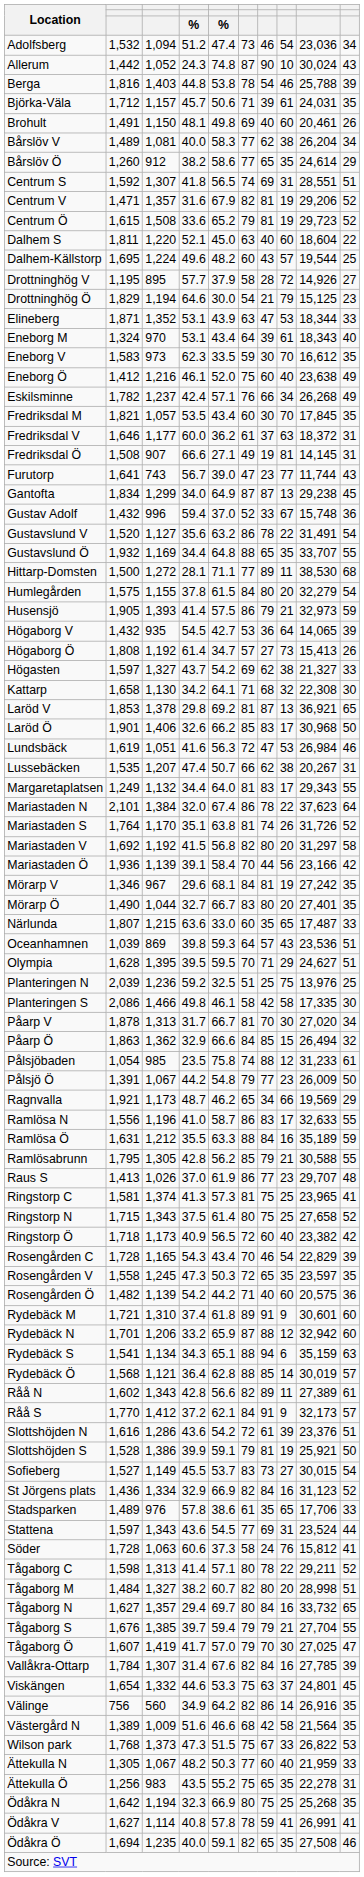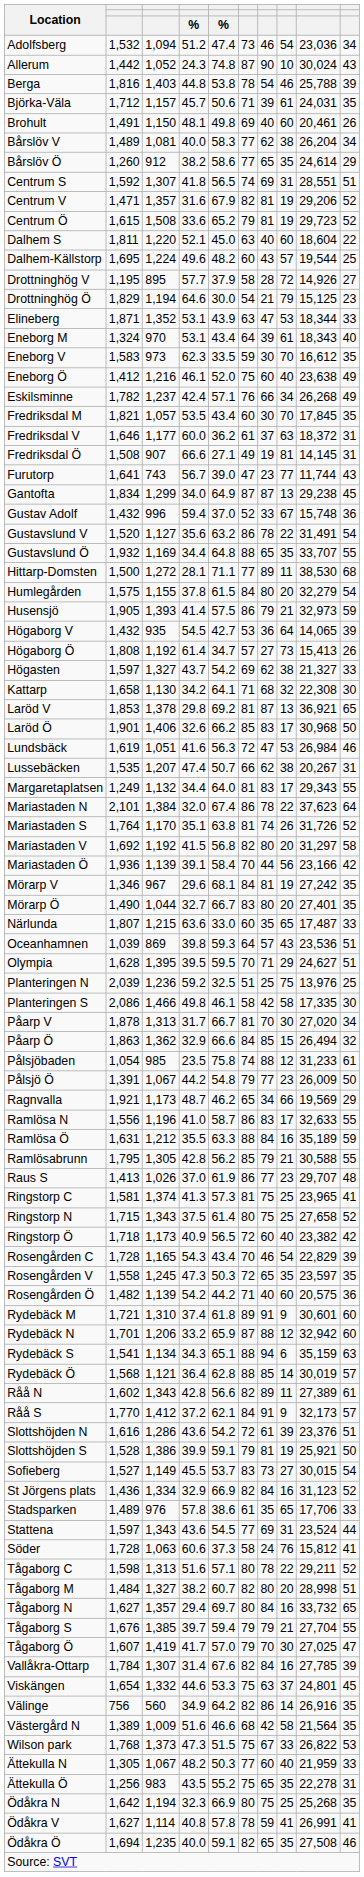 <table role="presentation" class="wikitable sortable mw-collapsible mw-collapsed">
 <tr>
 <th rowspan="3">Location</th>
 <th></th>
 <th></th>
 <th></th>
 <th></th>
 <th></th>
 <th></th>
 <th></th>
 <th></th>
 <th></th>
 </tr>
 <tr>
 <th></th>
 <th></th>
 <th style="background:"></th>
 <th style="background:"></th>
 <th></th>
 <th></th>
 <th></th>
 <th></th>
 <th></th>
 </tr>
 <tr>
 <th data-sort-type="number"></th>
 <th data-sort-type="number"></th>
 <th data-sort-type="number">%</th>
 <th data-sort-type="number">%</th>
 <th data-sort-type="number"></th>
 <th data-sort-type="number"></th>
 <th data-sort-type="number"></th>
 <th data-sort-type="number"></th>
 <th data-sort-type="number"></th>
 </tr>
 <tr>
 <td align="left">Adolfsberg</td>
 <td>1,532</td>
 <td>1,094</td>
 <td>51.2</td>
 <td>47.4</td>
 <td>73</td>
 <td>46</td>
 <td>54</td>
 <td>23,036</td>
 <td>34</td>
 </tr>
 <tr>
 <td align="left">Allerum</td>
 <td>1,442</td>
 <td>1,052</td>
 <td>24.3</td>
 <td>74.8</td>
 <td>87</td>
 <td>90</td>
 <td>10</td>
 <td>30,024</td>
 <td>43</td>
 </tr>
 <tr>
 <td align="left">Berga</td>
 <td>1,816</td>
 <td>1,403</td>
 <td>44.8</td>
 <td>53.8</td>
 <td>78</td>
 <td>54</td>
 <td>46</td>
 <td>25,788</td>
 <td>39</td>
 </tr>
 <tr>
 <td align="left">Björka-Väla</td>
 <td>1,712</td>
 <td>1,157</td>
 <td>45.7</td>
 <td>50.6</td>
 <td>71</td>
 <td>39</td>
 <td>61</td>
 <td>24,031</td>
 <td>35</td>
 </tr>
 <tr>
 <td align="left">Brohult</td>
 <td>1,491</td>
 <td>1,150</td>
 <td>48.1</td>
 <td>49.8</td>
 <td>69</td>
 <td>40</td>
 <td>60</td>
 <td>20,461</td>
 <td>26</td>
 </tr>
 <tr>
 <td align="left">Bårslöv V</td>
 <td>1,489</td>
 <td>1,081</td>
 <td>40.0</td>
 <td>58.3</td>
 <td>77</td>
 <td>62</td>
 <td>38</td>
 <td>26,204</td>
 <td>34</td>
 </tr>
 <tr>
 <td align="left">Bårslöv Ö</td>
 <td>1,260</td>
 <td>912</td>
 <td>38.2</td>
 <td>58.6</td>
 <td>77</td>
 <td>65</td>
 <td>35</td>
 <td>24,614</td>
 <td>29</td>
 </tr>
 <tr>
 <td align="left">Centrum S</td>
 <td>1,592</td>
 <td>1,307</td>
 <td>41.8</td>
 <td>56.5</td>
 <td>74</td>
 <td>69</td>
 <td>31</td>
 <td>28,551</td>
 <td>51</td>
 </tr>
 <tr>
 <td align="left">Centrum V</td>
 <td>1,471</td>
 <td>1,357</td>
 <td>31.6</td>
 <td>67.9</td>
 <td>82</td>
 <td>81</td>
 <td>19</td>
 <td>29,206</td>
 <td>52</td>
 </tr>
 <tr>
 <td align="left">Centrum Ö</td>
 <td>1,615</td>
 <td>1,508</td>
 <td>33.6</td>
 <td>65.2</td>
 <td>79</td>
 <td>81</td>
 <td>19</td>
 <td>29,723</td>
 <td>52</td>
 </tr>
 <tr>
 <td align="left">Dalhem S</td>
 <td>1,811</td>
 <td>1,220</td>
 <td>52.1</td>
 <td>45.0</td>
 <td>63</td>
 <td>40</td>
 <td>60</td>
 <td>18,604</td>
 <td>22</td>
 </tr>
 <tr>
 <td align="left">Dalhem-Källstorp</td>
 <td>1,695</td>
 <td>1,224</td>
 <td>49.6</td>
 <td>48.2</td>
 <td>60</td>
 <td>43</td>
 <td>57</td>
 <td>19,544</td>
 <td>25</td>
 </tr>
 <tr>
 <td align="left">Drottninghög V</td>
 <td>1,195</td>
 <td>895</td>
 <td>57.7</td>
 <td>37.9</td>
 <td>58</td>
 <td>28</td>
 <td>72</td>
 <td>14,926</td>
 <td>27</td>
 </tr>
 <tr>
 <td align="left">Drottninghög Ö</td>
 <td>1,829</td>
 <td>1,194</td>
 <td>64.6</td>
 <td>30.0</td>
 <td>54</td>
 <td>21</td>
 <td>79</td>
 <td>15,125</td>
 <td>23</td>
 </tr>
 <tr>
 <td align="left">Elineberg</td>
 <td>1,871</td>
 <td>1,352</td>
 <td>53.1</td>
 <td>43.9</td>
 <td>63</td>
 <td>47</td>
 <td>53</td>
 <td>18,344</td>
 <td>33</td>
 </tr>
 <tr>
 <td align="left">Eneborg M</td>
 <td>1,324</td>
 <td>970</td>
 <td>53.1</td>
 <td>43.4</td>
 <td>64</td>
 <td>39</td>
 <td>61</td>
 <td>18,343</td>
 <td>40</td>
 </tr>
 <tr>
 <td align="left">Eneborg V</td>
 <td>1,583</td>
 <td>973</td>
 <td>62.3</td>
 <td>33.5</td>
 <td>59</td>
 <td>30</td>
 <td>70</td>
 <td>16,612</td>
 <td>35</td>
 </tr>
 <tr>
 <td align="left">Eneborg Ö</td>
 <td>1,412</td>
 <td>1,216</td>
 <td>46.1</td>
 <td>52.0</td>
 <td>75</td>
 <td>60</td>
 <td>40</td>
 <td>23,638</td>
 <td>49</td>
 </tr>
 <tr>
 <td align="left">Eskilsminne</td>
 <td>1,782</td>
 <td>1,237</td>
 <td>42.4</td>
 <td>57.1</td>
 <td>76</td>
 <td>66</td>
 <td>34</td>
 <td>26,268</td>
 <td>49</td>
 </tr>
 <tr>
 <td align="left">Fredriksdal M</td>
 <td>1,821</td>
 <td>1,057</td>
 <td>53.5</td>
 <td>43.4</td>
 <td>60</td>
 <td>30</td>
 <td>70</td>
 <td>17,845</td>
 <td>35</td>
 </tr>
 <tr>
 <td align="left">Fredriksdal V</td>
 <td>1,646</td>
 <td>1,177</td>
 <td>60.0</td>
 <td>36.2</td>
 <td>61</td>
 <td>37</td>
 <td>63</td>
 <td>18,372</td>
 <td>31</td>
 </tr>
 <tr>
 <td align="left">Fredriksdal Ö</td>
 <td>1,508</td>
 <td>907</td>
 <td>66.6</td>
 <td>27.1</td>
 <td>49</td>
 <td>19</td>
 <td>81</td>
 <td>14,145</td>
 <td>31</td>
 </tr>
 <tr>
 <td align="left">Furutorp</td>
 <td>1,641</td>
 <td>743</td>
 <td>56.7</td>
 <td>39.0</td>
 <td>47</td>
 <td>23</td>
 <td>77</td>
 <td>11,744</td>
 <td>43</td>
 </tr>
 <tr>
 <td align="left">Gantofta</td>
 <td>1,834</td>
 <td>1,299</td>
 <td>34.0</td>
 <td>64.9</td>
 <td>87</td>
 <td>87</td>
 <td>13</td>
 <td>29,238</td>
 <td>45</td>
 </tr>
 <tr>
 <td align="left">Gustav Adolf</td>
 <td>1,432</td>
 <td>996</td>
 <td>59.4</td>
 <td>37.0</td>
 <td>52</td>
 <td>33</td>
 <td>67</td>
 <td>15,748</td>
 <td>36</td>
 </tr>
 <tr>
 <td align="left">Gustavslund V</td>
 <td>1,520</td>
 <td>1,127</td>
 <td>35.6</td>
 <td>63.2</td>
 <td>86</td>
 <td>78</td>
 <td>22</td>
 <td>31,491</td>
 <td>54</td>
 </tr>
 <tr>
 <td align="left">Gustavslund Ö</td>
 <td>1,932</td>
 <td>1,169</td>
 <td>34.4</td>
 <td>64.8</td>
 <td>88</td>
 <td>65</td>
 <td>35</td>
 <td>33,707</td>
 <td>55</td>
 </tr>
 <tr>
 <td align="left">Hittarp-Domsten</td>
 <td>1,500</td>
 <td>1,272</td>
 <td>28.1</td>
 <td>71.1</td>
 <td>77</td>
 <td>89</td>
 <td>11</td>
 <td>38,530</td>
 <td>68</td>
 </tr>
 <tr>
 <td align="left">Humlegården</td>
 <td>1,575</td>
 <td>1,155</td>
 <td>37.8</td>
 <td>61.5</td>
 <td>84</td>
 <td>80</td>
 <td>20</td>
 <td>32,279</td>
 <td>54</td>
 </tr>
 <tr>
 <td align="left">Husensjö</td>
 <td>1,905</td>
 <td>1,393</td>
 <td>41.4</td>
 <td>57.5</td>
 <td>86</td>
 <td>79</td>
 <td>21</td>
 <td>32,973</td>
 <td>59</td>
 </tr>
 <tr>
 <td align="left">Högaborg V</td>
 <td>1,432</td>
 <td>935</td>
 <td>54.5</td>
 <td>42.7</td>
 <td>53</td>
 <td>36</td>
 <td>64</td>
 <td>14,065</td>
 <td>39</td>
 </tr>
 <tr>
 <td align="left">Högaborg Ö</td>
 <td>1,808</td>
 <td>1,192</td>
 <td>61.4</td>
 <td>34.7</td>
 <td>57</td>
 <td>27</td>
 <td>73</td>
 <td>15,413</td>
 <td>26</td>
 </tr>
 <tr>
 <td align="left">Högasten</td>
 <td>1,597</td>
 <td>1,327</td>
 <td>43.7</td>
 <td>54.2</td>
 <td>69</td>
 <td>62</td>
 <td>38</td>
 <td>21,327</td>
 <td>33</td>
 </tr>
 <tr>
 <td align="left">Kattarp</td>
 <td>1,658</td>
 <td>1,130</td>
 <td>34.2</td>
 <td>64.1</td>
 <td>71</td>
 <td>68</td>
 <td>32</td>
 <td>22,308</td>
 <td>30</td>
 </tr>
 <tr>
 <td align="left">Laröd V</td>
 <td>1,853</td>
 <td>1,378</td>
 <td>29.8</td>
 <td>69.2</td>
 <td>81</td>
 <td>87</td>
 <td>13</td>
 <td>36,921</td>
 <td>65</td>
 </tr>
 <tr>
 <td align="left">Laröd Ö</td>
 <td>1,901</td>
 <td>1,406</td>
 <td>32.6</td>
 <td>66.2</td>
 <td>85</td>
 <td>83</td>
 <td>17</td>
 <td>30,968</td>
 <td>50</td>
 </tr>
 <tr>
 <td align="left">Lundsbäck</td>
 <td>1,619</td>
 <td>1,051</td>
 <td>41.6</td>
 <td>56.3</td>
 <td>72</td>
 <td>47</td>
 <td>53</td>
 <td>26,984</td>
 <td>46</td>
 </tr>
 <tr>
 <td align="left">Lussebäcken</td>
 <td>1,535</td>
 <td>1,207</td>
 <td>47.4</td>
 <td>50.7</td>
 <td>66</td>
 <td>62</td>
 <td>38</td>
 <td>20,267</td>
 <td>31</td>
 </tr>
 <tr>
 <td align="left">Margaretaplatsen</td>
 <td>1,249</td>
 <td>1,132</td>
 <td>34.4</td>
 <td>64.0</td>
 <td>81</td>
 <td>83</td>
 <td>17</td>
 <td>29,343</td>
 <td>55</td>
 </tr>
 <tr>
 <td align="left">Mariastaden N</td>
 <td>2,101</td>
 <td>1,384</td>
 <td>32.0</td>
 <td>67.4</td>
 <td>86</td>
 <td>78</td>
 <td>22</td>
 <td>37,623</td>
 <td>64</td>
 </tr>
 <tr>
 <td align="left">Mariastaden S</td>
 <td>1,764</td>
 <td>1,170</td>
 <td>35.1</td>
 <td>63.8</td>
 <td>81</td>
 <td>74</td>
 <td>26</td>
 <td>31,726</td>
 <td>52</td>
 </tr>
 <tr>
 <td align="left">Mariastaden V</td>
 <td>1,692</td>
 <td>1,192</td>
 <td>41.5</td>
 <td>56.8</td>
 <td>82</td>
 <td>80</td>
 <td>20</td>
 <td>31,297</td>
 <td>58</td>
 </tr>
 <tr>
 <td align="left">Mariastaden Ö</td>
 <td>1,936</td>
 <td>1,139</td>
 <td>39.1</td>
 <td>58.4</td>
 <td>70</td>
 <td>44</td>
 <td>56</td>
 <td>23,166</td>
 <td>42</td>
 </tr>
 <tr>
 <td align="left">Mörarp V</td>
 <td>1,346</td>
 <td>967</td>
 <td>29.6</td>
 <td>68.1</td>
 <td>84</td>
 <td>81</td>
 <td>19</td>
 <td>27,242</td>
 <td>35</td>
 </tr>
 <tr>
 <td align="left">Mörarp Ö</td>
 <td>1,490</td>
 <td>1,044</td>
 <td>32.7</td>
 <td>66.7</td>
 <td>83</td>
 <td>80</td>
 <td>20</td>
 <td>27,401</td>
 <td>35</td>
 </tr>
 <tr>
 <td align="left">Närlunda</td>
 <td>1,807</td>
 <td>1,215</td>
 <td>63.6</td>
 <td>33.0</td>
 <td>60</td>
 <td>35</td>
 <td>65</td>
 <td>17,487</td>
 <td>33</td>
 </tr>
 <tr>
 <td align="left">Oceanhamnen</td>
 <td>1,039</td>
 <td>869</td>
 <td>39.8</td>
 <td>59.3</td>
 <td>64</td>
 <td>57</td>
 <td>43</td>
 <td>23,536</td>
 <td>51</td>
 </tr>
 <tr>
 <td align="left">Olympia</td>
 <td>1,628</td>
 <td>1,395</td>
 <td>39.5</td>
 <td>59.5</td>
 <td>70</td>
 <td>71</td>
 <td>29</td>
 <td>24,627</td>
 <td>51</td>
 </tr>
 <tr>
 <td align="left">Planteringen N</td>
 <td>2,039</td>
 <td>1,236</td>
 <td>59.2</td>
 <td>32.5</td>
 <td>51</td>
 <td>25</td>
 <td>75</td>
 <td>13,976</td>
 <td>25</td>
 </tr>
 <tr>
 <td align="left">Planteringen S</td>
 <td>2,086</td>
 <td>1,466</td>
 <td>49.8</td>
 <td>46.1</td>
 <td>58</td>
 <td>42</td>
 <td>58</td>
 <td>17,335</td>
 <td>30</td>
 </tr>
 <tr>
 <td align="left">Påarp V</td>
 <td>1,878</td>
 <td>1,313</td>
 <td>31.7</td>
 <td>66.7</td>
 <td>81</td>
 <td>70</td>
 <td>30</td>
 <td>27,020</td>
 <td>34</td>
 </tr>
 <tr>
 <td align="left">Påarp Ö</td>
 <td>1,863</td>
 <td>1,362</td>
 <td>32.9</td>
 <td>66.6</td>
 <td>84</td>
 <td>85</td>
 <td>15</td>
 <td>26,494</td>
 <td>32</td>
 </tr>
 <tr>
 <td align="left">Pålsjöbaden</td>
 <td>1,054</td>
 <td>985</td>
 <td>23.5</td>
 <td>75.8</td>
 <td>74</td>
 <td>88</td>
 <td>12</td>
 <td>31,233</td>
 <td>61</td>
 </tr>
 <tr>
 <td align="left">Pålsjö Ö</td>
 <td>1,391</td>
 <td>1,067</td>
 <td>44.2</td>
 <td>54.8</td>
 <td>79</td>
 <td>77</td>
 <td>23</td>
 <td>26,009</td>
 <td>50</td>
 </tr>
 <tr>
 <td align="left">Ragnvalla</td>
 <td>1,921</td>
 <td>1,173</td>
 <td>48.7</td>
 <td>46.2</td>
 <td>65</td>
 <td>34</td>
 <td>66</td>
 <td>19,569</td>
 <td>29</td>
 </tr>
 <tr>
 <td align="left">Ramlösa N</td>
 <td>1,556</td>
 <td>1,196</td>
 <td>41.0</td>
 <td>58.7</td>
 <td>86</td>
 <td>83</td>
 <td>17</td>
 <td>32,633</td>
 <td>55</td>
 </tr>
 <tr>
 <td align="left">Ramlösa Ö</td>
 <td>1,631</td>
 <td>1,212</td>
 <td>35.5</td>
 <td>63.3</td>
 <td>88</td>
 <td>84</td>
 <td>16</td>
 <td>35,189</td>
 <td>59</td>
 </tr>
 <tr>
 <td align="left">Ramlösabrunn</td>
 <td>1,795</td>
 <td>1,305</td>
 <td>42.8</td>
 <td>56.2</td>
 <td>85</td>
 <td>79</td>
 <td>21</td>
 <td>30,588</td>
 <td>55</td>
 </tr>
 <tr>
 <td align="left">Raus S</td>
 <td>1,413</td>
 <td>1,026</td>
 <td>37.0</td>
 <td>61.9</td>
 <td>86</td>
 <td>77</td>
 <td>23</td>
 <td>29,707</td>
 <td>48</td>
 </tr>
 <tr>
 <td align="left">Ringstorp C</td>
 <td>1,581</td>
 <td>1,374</td>
 <td>41.3</td>
 <td>57.3</td>
 <td>81</td>
 <td>75</td>
 <td>25</td>
 <td>23,965</td>
 <td>41</td>
 </tr>
 <tr>
 <td align="left">Ringstorp N</td>
 <td>1,715</td>
 <td>1,343</td>
 <td>37.5</td>
 <td>61.4</td>
 <td>80</td>
 <td>75</td>
 <td>25</td>
 <td>27,658</td>
 <td>52</td>
 </tr>
 <tr>
 <td align="left">Ringstorp Ö</td>
 <td>1,718</td>
 <td>1,173</td>
 <td>40.9</td>
 <td>56.5</td>
 <td>72</td>
 <td>60</td>
 <td>40</td>
 <td>23,382</td>
 <td>42</td>
 </tr>
 <tr>
 <td align="left">Rosengården C</td>
 <td>1,728</td>
 <td>1,165</td>
 <td>54.3</td>
 <td>43.4</td>
 <td>70</td>
 <td>46</td>
 <td>54</td>
 <td>22,829</td>
 <td>39</td>
 </tr>
 <tr>
 <td align="left">Rosengården V</td>
 <td>1,558</td>
 <td>1,245</td>
 <td>47.3</td>
 <td>50.3</td>
 <td>72</td>
 <td>65</td>
 <td>35</td>
 <td>23,597</td>
 <td>35</td>
 </tr>
 <tr>
 <td align="left">Rosengården Ö</td>
 <td>1,482</td>
 <td>1,139</td>
 <td>54.2</td>
 <td>44.2</td>
 <td>71</td>
 <td>40</td>
 <td>60</td>
 <td>20,575</td>
 <td>36</td>
 </tr>
 <tr>
 <td align="left">Rydebäck M</td>
 <td>1,721</td>
 <td>1,310</td>
 <td>37.4</td>
 <td>61.8</td>
 <td>89</td>
 <td>91</td>
 <td>9</td>
 <td>30,601</td>
 <td>60</td>
 </tr>
 <tr>
 <td align="left">Rydebäck N</td>
 <td>1,701</td>
 <td>1,206</td>
 <td>33.2</td>
 <td>65.9</td>
 <td>87</td>
 <td>88</td>
 <td>12</td>
 <td>32,942</td>
 <td>60</td>
 </tr>
 <tr>
 <td align="left">Rydebäck S</td>
 <td>1,541</td>
 <td>1,134</td>
 <td>34.3</td>
 <td>65.1</td>
 <td>88</td>
 <td>94</td>
 <td>6</td>
 <td>35,159</td>
 <td>63</td>
 </tr>
 <tr>
 <td align="left">Rydebäck Ö</td>
 <td>1,568</td>
 <td>1,121</td>
 <td>36.4</td>
 <td>62.8</td>
 <td>88</td>
 <td>85</td>
 <td>14</td>
 <td>30,019</td>
 <td>57</td>
 </tr>
 <tr>
 <td align="left">Råå N</td>
 <td>1,602</td>
 <td>1,343</td>
 <td>42.8</td>
 <td>56.6</td>
 <td>82</td>
 <td>89</td>
 <td>11</td>
 <td>27,389</td>
 <td>61</td>
 </tr>
 <tr>
 <td align="left">Råå S</td>
 <td>1,770</td>
 <td>1,412</td>
 <td>37.2</td>
 <td>62.1</td>
 <td>84</td>
 <td>91</td>
 <td>9</td>
 <td>32,173</td>
 <td>57</td>
 </tr>
 <tr>
 <td align="left">Slottshöjden N</td>
 <td>1,616</td>
 <td>1,286</td>
 <td>43.6</td>
 <td>54.2</td>
 <td>72</td>
 <td>61</td>
 <td>39</td>
 <td>23,376</td>
 <td>51</td>
 </tr>
 <tr>
 <td align="left">Slottshöjden S</td>
 <td>1,528</td>
 <td>1,386</td>
 <td>39.9</td>
 <td>59.1</td>
 <td>79</td>
 <td>81</td>
 <td>19</td>
 <td>25,921</td>
 <td>50</td>
 </tr>
 <tr>
 <td align="left">Sofieberg</td>
 <td>1,527</td>
 <td>1,149</td>
 <td>45.5</td>
 <td>53.7</td>
 <td>83</td>
 <td>73</td>
 <td>27</td>
 <td>30,015</td>
 <td>54</td>
 </tr>
 <tr>
 <td align="left">St Jörgens plats</td>
 <td>1,436</td>
 <td>1,334</td>
 <td>32.9</td>
 <td>66.9</td>
 <td>82</td>
 <td>84</td>
 <td>16</td>
 <td>31,123</td>
 <td>52</td>
 </tr>
 <tr>
 <td align="left">Stadsparken</td>
 <td>1,489</td>
 <td>976</td>
 <td>57.8</td>
 <td>38.6</td>
 <td>61</td>
 <td>35</td>
 <td>65</td>
 <td>17,706</td>
 <td>33</td>
 </tr>
 <tr>
 <td align="left">Stattena</td>
 <td>1,597</td>
 <td>1,343</td>
 <td>43.6</td>
 <td>54.5</td>
 <td>77</td>
 <td>69</td>
 <td>31</td>
 <td>23,524</td>
 <td>44</td>
 </tr>
 <tr>
 <td align="left">Söder</td>
 <td>1,728</td>
 <td>1,063</td>
 <td>60.6</td>
 <td>37.3</td>
 <td>58</td>
 <td>24</td>
 <td>76</td>
 <td>15,812</td>
 <td>41</td>
 </tr>
 <tr>
 <td align="left">Tågaborg C</td>
 <td>1,598</td>
 <td>1,313</td>
-<td>41.4</td>
+<td>51.6</td>
 <td>57.1</td>
 <td>80</td>
 <td>78</td>
 <td>22</td>
 <td>29,211</td>
 <td>52</td>
 </tr>
 <tr>
 <td align="left">Tågaborg M</td>
 <td>1,484</td>
 <td>1,327</td>
 <td>38.2</td>
 <td>60.7</td>
 <td>82</td>
 <td>80</td>
 <td>20</td>
 <td>28,998</td>
 <td>51</td>
 </tr>
 <tr>
 <td align="left">Tågaborg N</td>
 <td>1,627</td>
 <td>1,357</td>
 <td>29.4</td>
 <td>69.7</td>
 <td>80</td>
 <td>84</td>
 <td>16</td>
 <td>33,732</td>
 <td>65</td>
 </tr>
 <tr>
 <td align="left">Tågaborg S</td>
 <td>1,676</td>
 <td>1,385</td>
 <td>39.7</td>
 <td>59.4</td>
 <td>79</td>
 <td>79</td>
 <td>21</td>
 <td>27,704</td>
 <td>55</td>
 </tr>
 <tr>
 <td align="left">Tågaborg Ö</td>
 <td>1,607</td>
 <td>1,419</td>
 <td>41.7</td>
 <td>57.0</td>
 <td>79</td>
 <td>70</td>
 <td>30</td>
 <td>27,025</td>
 <td>47</td>
 </tr>
 <tr>
 <td align="left">Vallåkra-Ottarp</td>
 <td>1,784</td>
 <td>1,307</td>
 <td>31.4</td>
 <td>67.6</td>
 <td>82</td>
 <td>84</td>
 <td>16</td>
 <td>27,785</td>
 <td>39</td>
 </tr>
 <tr>
 <td align="left">Viskängen</td>
 <td>1,654</td>
 <td>1,332</td>
 <td>44.6</td>
 <td>53.3</td>
 <td>75</td>
 <td>63</td>
 <td>37</td>
 <td>24,801</td>
 <td>45</td>
 </tr>
 <tr>
 <td align="left">Välinge</td>
 <td>756</td>
 <td>560</td>
 <td>34.9</td>
 <td>64.2</td>
 <td>82</td>
 <td>86</td>
 <td>14</td>
 <td>26,916</td>
 <td>35</td>
 </tr>
 <tr>
 <td align="left">Västergård N</td>
 <td>1,389</td>
 <td>1,009</td>
 <td>51.6</td>
 <td>46.6</td>
 <td>68</td>
 <td>42</td>
 <td>58</td>
 <td>21,564</td>
 <td>35</td>
 </tr>
 <tr>
 <td align="left">Wilson park</td>
 <td>1,768</td>
 <td>1,373</td>
 <td>47.3</td>
 <td>51.5</td>
 <td>75</td>
 <td>67</td>
 <td>33</td>
 <td>26,822</td>
 <td>53</td>
 </tr>
 <tr>
 <td align="left">Ättekulla N</td>
 <td>1,305</td>
 <td>1,067</td>
 <td>48.2</td>
 <td>50.3</td>
 <td>77</td>
 <td>60</td>
 <td>40</td>
 <td>21,959</td>
 <td>33</td>
 </tr>
 <tr>
 <td align="left">Ättekulla Ö</td>
 <td>1,256</td>
 <td>983</td>
 <td>43.5</td>
 <td>55.2</td>
 <td>75</td>
 <td>65</td>
 <td>35</td>
 <td>22,278</td>
 <td>31</td>
 </tr>
 <tr>
 <td align="left">Ödåkra N</td>
 <td>1,642</td>
 <td>1,194</td>
 <td>32.3</td>
 <td>66.9</td>
 <td>80</td>
 <td>75</td>
 <td>25</td>
 <td>25,268</td>
 <td>35</td>
 </tr>
 <tr>
 <td align="left">Ödåkra V</td>
 <td>1,627</td>
 <td>1,114</td>
 <td>40.8</td>
 <td>57.8</td>
 <td>78</td>
 <td>59</td>
 <td>41</td>
 <td>26,991</td>
 <td>41</td>
 </tr>
 <tr>
 <td align="left">Ödåkra Ö</td>
 <td>1,694</td>
 <td>1,235</td>
 <td>40.0</td>
 <td>59.1</td>
 <td>82</td>
 <td>65</td>
 <td>35</td>
 <td>27,508</td>
 <td>46</td>
 </tr>
 <tr>
 <td colspan="10" align="left">Source: <a href='#'>SVT</a></td>
 </tr>
 </table>
